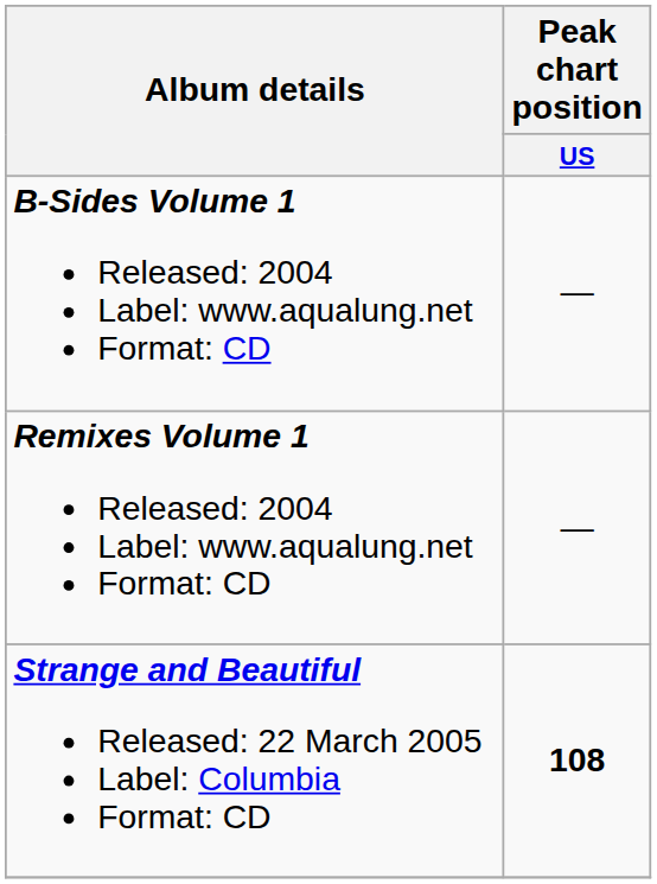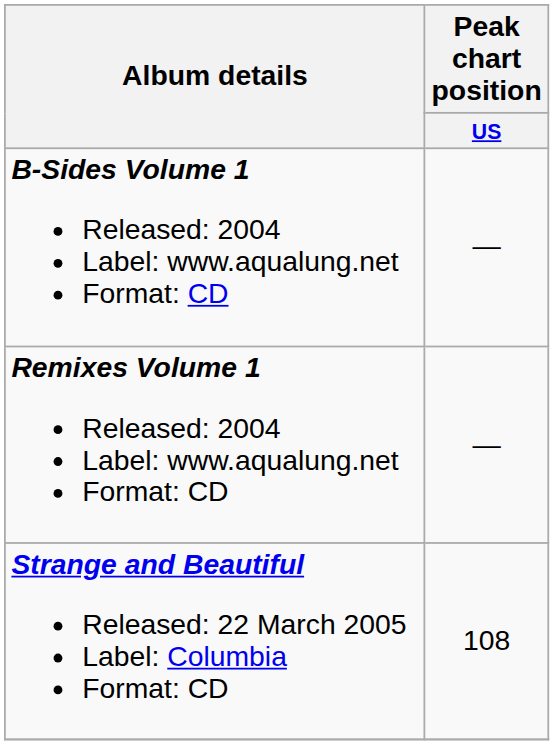 <table class="wikitable" style=text-align:center;>
 <tr>
 <th rowspan="2" width="230">Album details</th>
 <th colspan="1">Peak chart position</th>
 </tr>
 <tr>
 <th style="width:3em;font-size:75%"><a href='#'>US</a><br></th>
 </tr>
 <tr>
 <td align="left"><strong><em>B-Sides Volume 1</em></strong><br><ul><li>Released: 2004</li><li>Label: www.aqualung.net</li><li>Format: <a href='#'>CD</a></li></ul></td>
 <td>—</td>
 </tr>
 <tr>
 <td align="left"><strong><em>Remixes Volume 1</em></strong><br><ul><li>Released: 2004</li><li>Label: www.aqualung.net</li><li>Format: CD</li></ul></td>
 <td>—</td>
 </tr>
 <tr>
 <td align="left"><strong><em><a href='#'>Strange and Beautiful</a></em></strong><br><ul><li>Released: 22 March 2005</li><li>Label: <a href='#'>Columbia</a></li><li>Format: CD</li></ul></td>
-<td><strong>108</strong></td>
+<td>108</td>
 </tr>
 <tr>
 </tr>
 </table>
